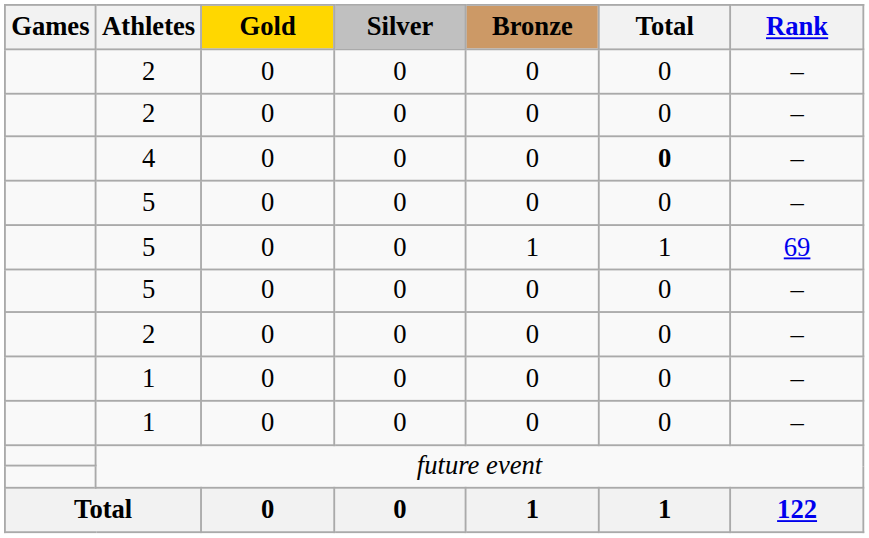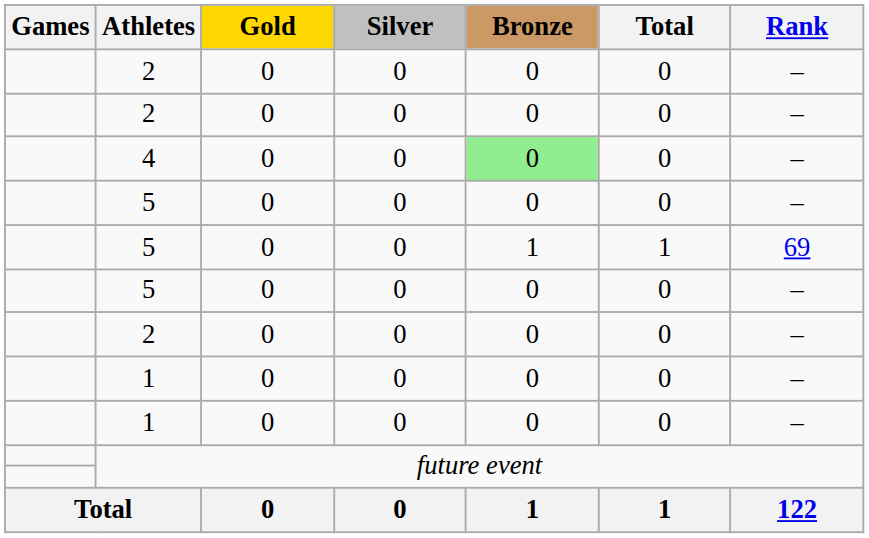 <table class="wikitable" style="text-align:center; font-size:90%;">
 <tr>
 <th>Games</th>
 <th>Athletes</th>
 <td style="background:gold; width:4.5em; font-weight:bold;">Gold</td>
 <td style="background:silver; width:4.5em; font-weight:bold;">Silver</td>
 <td style="background:#cc9966; width:4.5em; font-weight:bold;">Bronze</td>
 <th style="width:4.5em; font-weight:bold;">Total</th>
 <th style="width:4.5em; font-weight:bold;"><a href='#'>Rank</a></th>
 </tr>
 <tr>
 <td align=left></td>
 <td>2</td>
 <td>0</td>
 <td>0</td>
 <td>0</td>
 <td>0</td>
 <td>–</td>
 </tr>
 <tr>
 <td align=left></td>
 <td>2</td>
 <td>0</td>
 <td>0</td>
 <td>0</td>
 <td>0</td>
 <td>–</td>
 </tr>
 <tr>
 <td align=left></td>
 <td>4</td>
 <td>0</td>
 <td>0</td>
+<td style="background: lightgreen;">0</td>
 <td>0</td>
-<td><strong>0</strong></td>
 <td>–</td>
 </tr>
 <tr>
 <td align=left></td>
 <td>5</td>
 <td>0</td>
 <td>0</td>
 <td>0</td>
 <td>0</td>
 <td>–</td>
 </tr>
 <tr>
 <td align=left></td>
 <td>5</td>
 <td>0</td>
 <td>0</td>
 <td>1</td>
 <td>1</td>
 <td><a href='#'>69</a></td>
 </tr>
 <tr>
 <td align=left></td>
 <td>5</td>
 <td>0</td>
 <td>0</td>
 <td>0</td>
 <td>0</td>
 <td>–</td>
 </tr>
 <tr>
 <td align=left></td>
 <td>2</td>
 <td>0</td>
 <td>0</td>
 <td>0</td>
 <td>0</td>
 <td>–</td>
 </tr>
 <tr>
 <td align=left></td>
 <td>1</td>
 <td>0</td>
 <td>0</td>
 <td>0</td>
 <td>0</td>
 <td>–</td>
 </tr>
 <tr>
 <td align=left></td>
 <td>1</td>
 <td>0</td>
 <td>0</td>
 <td>0</td>
 <td>0</td>
 <td>–</td>
 </tr>
 <tr>
 <td align=left></td>
 <td colspan=6; rowspan=2><em>future event</em></td>
 </tr>
 <tr>
 <td align=left></td>
 </tr>
 <tr>
 <th colspan=2>Total</th>
 <th>0</th>
 <th>0</th>
 <th>1</th>
 <th>1</th>
 <th><a href='#'>122</a></th>
 </tr>
 </table>
